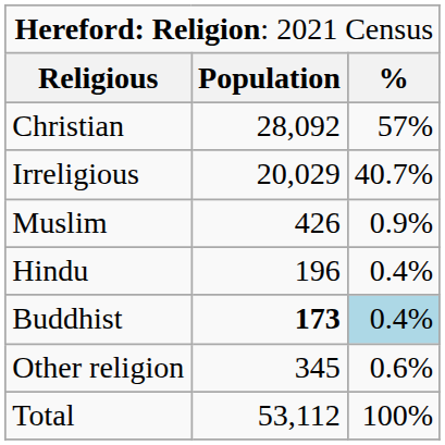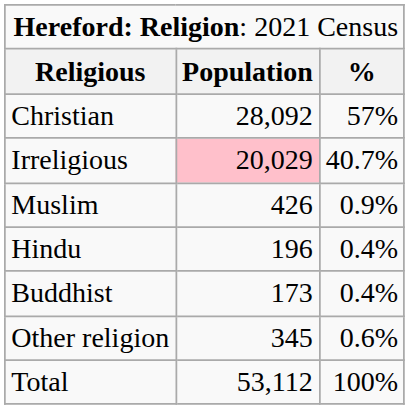 <table class="wikitable">
 <tr>
 <td colspan="14" style="text-align:right;"><strong>Hereford: Religion</strong>: 2021 Census</td>
 </tr>
 <tr>
 <th>Religious</th>
 <th>Population</th>
 <th>%</th>
 </tr>
 <tr>
 <td>Christian</td>
 <td style="text-align:right;">28,092</td>
 <td style="text-align:right;">57%</td>
 </tr>
 <tr>
 <td>Irreligious</td>
-<td style="text-align:right;">20,029</td>
+<td style="background: pink; text-align:right;">20,029</td>
 <td style="text-align:right;">40.7%</td>
 </tr>
 <tr>
 <td>Muslim</td>
 <td style="text-align:right;">426</td>
 <td style="text-align:right;">0.9%</td>
 </tr>
 <tr>
 <td>Hindu</td>
 <td style="text-align:right;">196</td>
 <td style="text-align:right;">0.4%</td>
 </tr>
 <tr>
 <td>Buddhist</td>
-<td style="text-align:right;"><strong>173</strong></td>
-<td style="background: lightblue; text-align:right;">0.4%</td>
+<td style="text-align:right;">173</td>
+<td style="text-align:right;">0.4%</td>
 </tr>
 <tr>
 <td>Other religion</td>
 <td style="text-align:right;">345</td>
 <td style="text-align:right;">0.6%</td>
 </tr>
 <tr>
 <td>Total</td>
 <td style="text-align:right;">53,112</td>
 <td style="text-align:right;">100%</td>
 </tr>
 </table>
